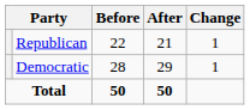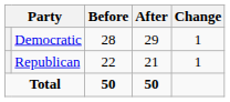 <table class="wikitable" style="text-align:center;">
 <tr>
 <th colspan="2">Party</th>
 <th>Before</th>
 <th>After</th>
 <th>Change</th>
 </tr>
 <tr>
 <th style="background-color:"></th>
-<td style="text-align:left;"><a href='#'>Republican</a></td>
-<td>22</td>
-<td>21</td>
+<td style="text-align:left;"><a href='#'>Democratic</a></td>
+<td>28</td>
+<td>29</td>
 <td> 1</td>
 </tr>
 <tr>
 <th style="background-color:"></th>
-<td style="text-align:left;"><a href='#'>Democratic</a></td>
-<td>28</td>
-<td>29</td>
+<td style="text-align:left;"><a href='#'>Republican</a></td>
+<td>22</td>
+<td>21</td>
 <td> 1</td>
 </tr>
 <tr>
 <td colspan="2"><strong>Total</strong></td>
 <td><strong>50</strong></td>
 <td><strong>50</strong></td>
 <td></td>
 </tr>
 </table>
